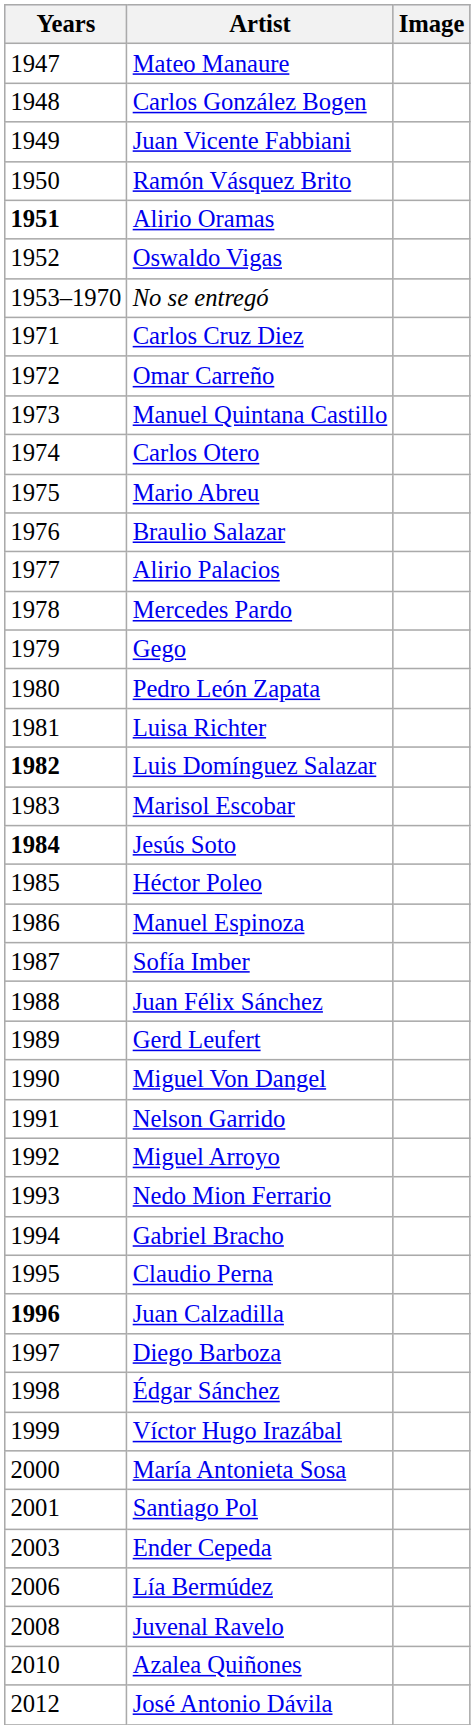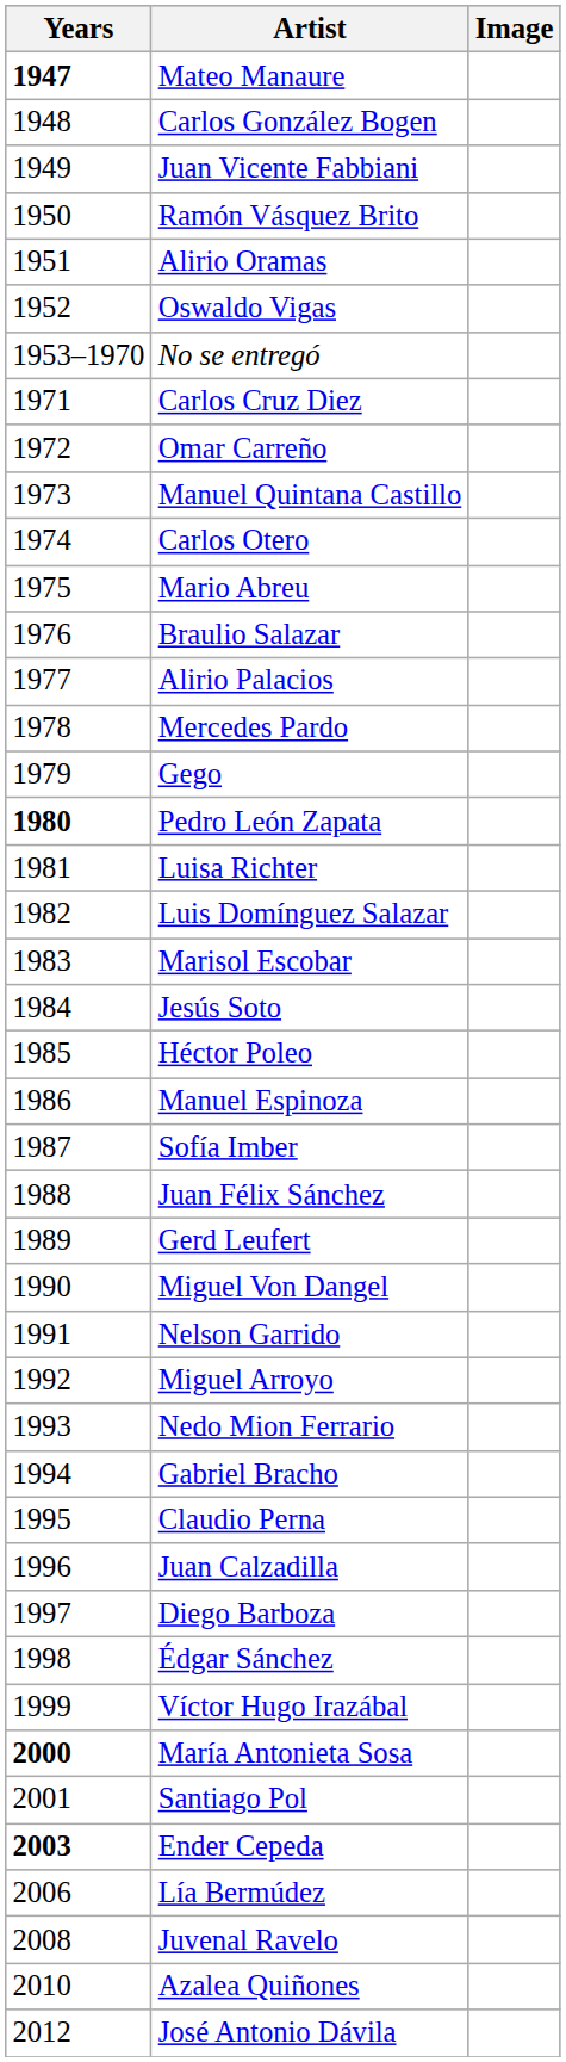 <table style="background:#ffffff" align="top" class="sortable wikitable">
 <tr style="background:Lavender; color:Black">
 <th>Years</th>
 <th>Artist</th>
 <th>Image</th>
 </tr>
 <tr>
-<td>1947</td>
+<td><strong>1947</strong></td>
 <td><a href='#'>Mateo Manaure</a></td>
 <td></td>
 </tr>
 <tr>
 <td>1948</td>
 <td><a href='#'>Carlos González Bogen</a></td>
 <td></td>
 </tr>
 <tr>
 <td>1949</td>
 <td><a href='#'>Juan Vicente Fabbiani</a></td>
 <td></td>
 </tr>
 <tr>
 <td>1950</td>
 <td><a href='#'>Ramón Vásquez Brito</a></td>
 <td></td>
 </tr>
 <tr>
-<td><strong>1951</strong></td>
+<td>1951</td>
 <td><a href='#'>Alirio Oramas</a></td>
 <td></td>
 </tr>
 <tr>
 <td>1952</td>
 <td><a href='#'>Oswaldo Vigas</a></td>
 <td></td>
 </tr>
 <tr>
 <td>1953–1970</td>
 <td><em>No se entregó</em></td>
 <td></td>
 </tr>
 <tr>
 <td>1971</td>
 <td><a href='#'>Carlos Cruz Diez</a></td>
 <td></td>
 </tr>
 <tr>
 <td>1972</td>
 <td><a href='#'>Omar Carreño</a></td>
 <td></td>
 </tr>
 <tr>
 <td>1973</td>
 <td><a href='#'>Manuel Quintana Castillo</a></td>
 <td></td>
 </tr>
 <tr>
 <td>1974</td>
 <td><a href='#'>Carlos Otero</a></td>
 <td></td>
 </tr>
 <tr>
 <td>1975</td>
 <td><a href='#'>Mario Abreu</a></td>
 <td></td>
 </tr>
 <tr>
 <td>1976</td>
 <td><a href='#'>Braulio Salazar</a></td>
 <td></td>
 </tr>
 <tr>
 <td>1977</td>
 <td><a href='#'>Alirio Palacios</a></td>
 <td></td>
 </tr>
 <tr>
 <td>1978</td>
 <td><a href='#'>Mercedes Pardo</a></td>
 <td></td>
 </tr>
 <tr>
 <td>1979</td>
 <td><a href='#'>Gego</a></td>
 <td></td>
 </tr>
 <tr>
-<td>1980</td>
+<td><strong>1980</strong></td>
 <td><a href='#'>Pedro León Zapata</a></td>
 <td></td>
 </tr>
 <tr>
 <td>1981</td>
 <td><a href='#'>Luisa Richter</a></td>
 <td></td>
 </tr>
 <tr>
-<td><strong>1982</strong></td>
+<td>1982</td>
 <td><a href='#'>Luis Domínguez Salazar</a></td>
 <td></td>
 </tr>
 <tr>
 <td>1983</td>
 <td><a href='#'>Marisol Escobar</a></td>
 <td></td>
 </tr>
 <tr>
-<td><strong>1984</strong></td>
+<td>1984</td>
 <td><a href='#'>Jesús Soto</a></td>
 <td></td>
 </tr>
 <tr>
 <td>1985</td>
 <td><a href='#'>Héctor Poleo</a></td>
 <td></td>
 </tr>
 <tr>
 <td>1986</td>
 <td><a href='#'>Manuel Espinoza</a></td>
 <td></td>
 </tr>
 <tr>
 <td>1987</td>
 <td><a href='#'>Sofía Imber</a></td>
 <td></td>
 </tr>
 <tr>
 <td>1988</td>
 <td><a href='#'>Juan Félix Sánchez</a></td>
 <td></td>
 </tr>
 <tr>
 <td>1989</td>
 <td><a href='#'>Gerd Leufert</a></td>
 <td></td>
 </tr>
 <tr>
 <td>1990</td>
 <td><a href='#'>Miguel Von Dangel</a></td>
 <td></td>
 </tr>
 <tr>
 <td>1991</td>
 <td><a href='#'>Nelson Garrido</a></td>
 <td></td>
 </tr>
 <tr>
 <td>1992</td>
 <td><a href='#'>Miguel Arroyo</a></td>
 <td></td>
 </tr>
 <tr>
 <td>1993</td>
 <td><a href='#'>Nedo Mion Ferrario</a></td>
 <td></td>
 </tr>
 <tr>
 <td>1994</td>
 <td><a href='#'>Gabriel Bracho</a></td>
 <td></td>
 </tr>
 <tr>
 <td>1995</td>
 <td><a href='#'>Claudio Perna</a></td>
 <td></td>
 </tr>
 <tr>
-<td><strong>1996</strong></td>
+<td>1996</td>
 <td><a href='#'>Juan Calzadilla</a></td>
 <td></td>
 </tr>
 <tr>
 <td>1997</td>
 <td><a href='#'>Diego Barboza</a></td>
 <td></td>
 </tr>
 <tr>
 <td>1998</td>
 <td><a href='#'>Édgar Sánchez</a></td>
 <td></td>
 </tr>
 <tr>
 <td>1999</td>
 <td><a href='#'>Víctor Hugo Irazábal</a></td>
 <td></td>
 </tr>
 <tr>
-<td>2000</td>
+<td><strong>2000</strong></td>
 <td><a href='#'>María Antonieta Sosa</a></td>
 <td></td>
 </tr>
 <tr>
 <td>2001</td>
 <td><a href='#'>Santiago Pol</a></td>
 <td></td>
 </tr>
 <tr>
-<td>2003</td>
+<td><strong>2003</strong></td>
 <td><a href='#'>Ender Cepeda</a></td>
 <td></td>
 </tr>
 <tr>
 <td>2006</td>
 <td><a href='#'>Lía Bermúdez</a></td>
 <td></td>
 </tr>
 <tr>
 <td>2008</td>
 <td><a href='#'>Juvenal Ravelo</a></td>
 <td></td>
 </tr>
 <tr>
 <td>2010</td>
 <td><a href='#'>Azalea Quiñones</a></td>
 <td></td>
 </tr>
 <tr>
 <td>2012</td>
 <td><a href='#'>José Antonio Dávila</a></td>
 <td></td>
 </tr>
 </table>
